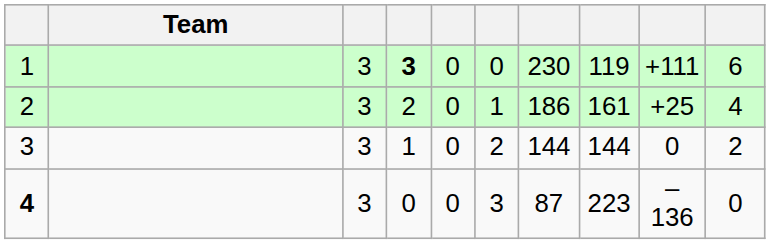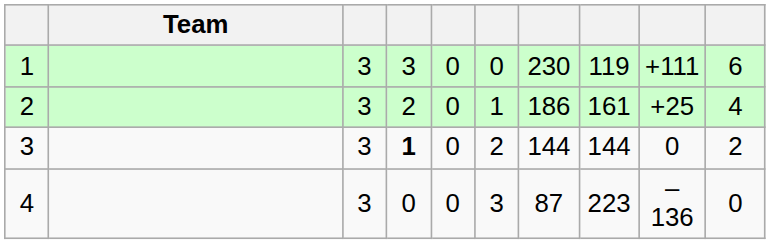 <table class=wikitable style=text-align:center>
 <tr>
 <th width=20 abbr=Position></th>
 <th width=175>Team</th>
 <th width=20 abbr=Played></th>
 <th width=20 abbr=Won></th>
 <th width=20 abbr=Drawn></th>
 <th width=20 abbr=Lost></th>
 <th width=30 abbr=Goal for></th>
 <th width=30 abbr=Goal against></th>
 <th width=30 abbr=Goal difference></th>
 <th width=30 abbr=Points></th>
 </tr>
 <tr bgcolor=#CCFFCC>
 <td>1</td>
 <td align=left></td>
 <td>3</td>
-<td><strong>3</strong></td>
+<td>3</td>
 <td>0</td>
 <td>0</td>
 <td>230</td>
 <td>119</td>
 <td>+111</td>
 <td>6</td>
 </tr>
 <tr bgcolor=#CCFFCC>
 <td>2</td>
 <td align=left></td>
 <td>3</td>
 <td>2</td>
 <td>0</td>
 <td>1</td>
 <td>186</td>
 <td>161</td>
 <td>+25</td>
 <td>4</td>
 </tr>
 <tr>
 <td>3</td>
 <td align=left></td>
 <td>3</td>
-<td>1</td>
+<td><strong>1</strong></td>
 <td>0</td>
 <td>2</td>
 <td>144</td>
 <td>144</td>
 <td>0</td>
 <td>2</td>
 </tr>
 <tr>
-<td><strong>4</strong></td>
+<td>4</td>
 <td align=left></td>
 <td>3</td>
 <td>0</td>
 <td>0</td>
 <td>3</td>
 <td>87</td>
 <td>223</td>
 <td>–136</td>
 <td>0</td>
 </tr>
 </table>
